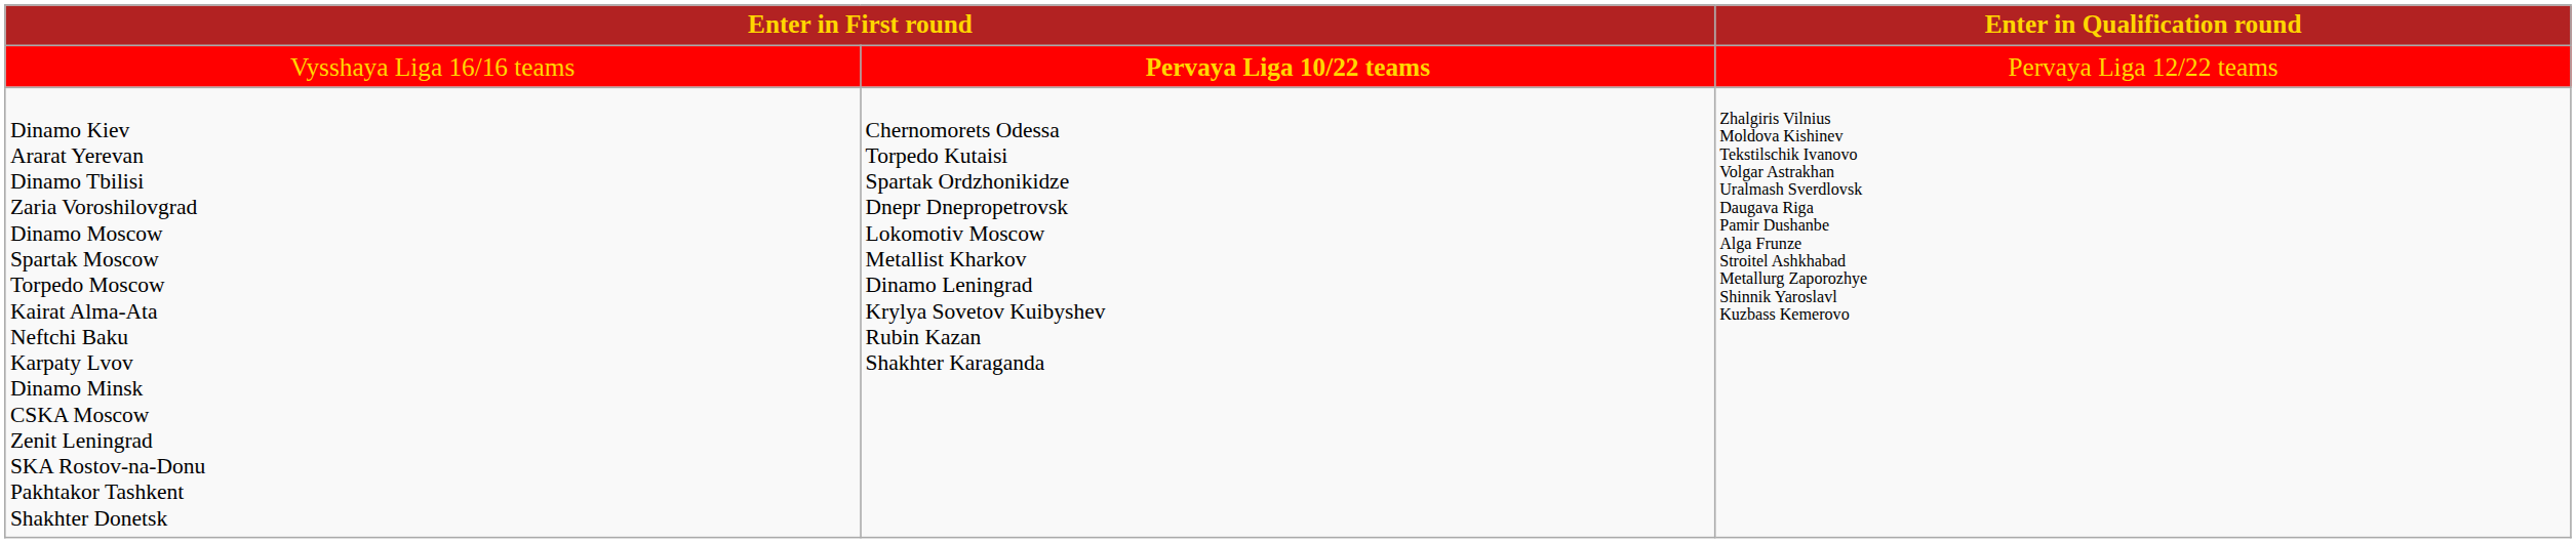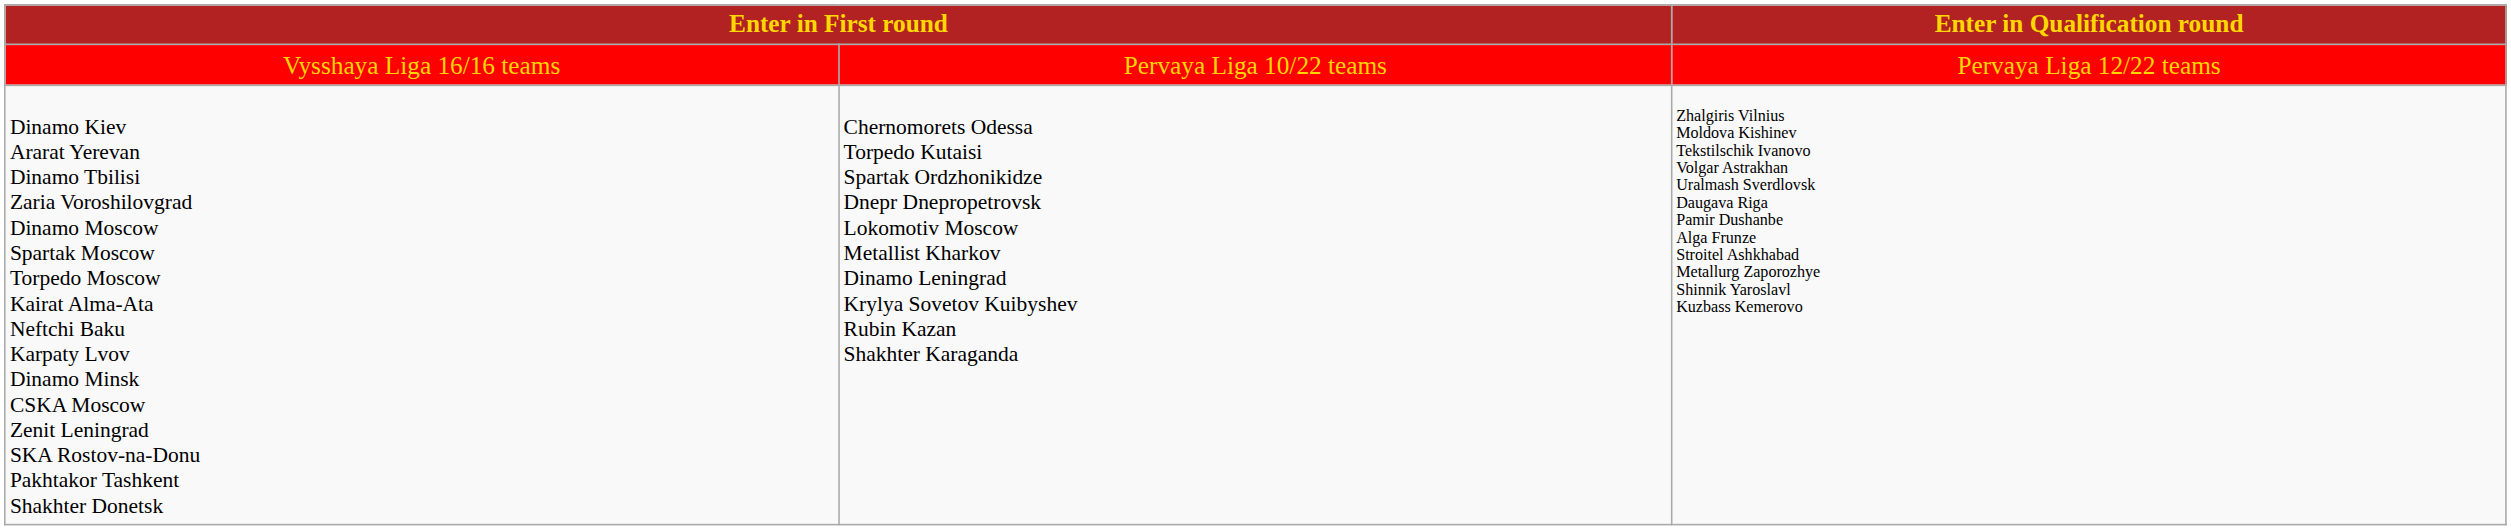 <table class="wikitable" style="width:100%;">
 <tr style="background:Firebrick; text-align:center;">
 <td style="width:67%; color:Gold" colspan="2"><strong>Enter in First round</strong></td>
 <td style="width:33%; color:Gold" colspan="1"><strong>Enter in Qualification round</strong></td>
 </tr>
 <tr style="background:Red;">
 <td style="text-align:center; width:33%; color:Gold" colspan=1>Vysshaya Liga 16/16 teams</td>
-<td style="text-align:center; width:33%; color:Gold" colspan=1><strong>Pervaya Liga 10/22 teams</strong></td>
+<td style="text-align:center; width:33%; color:Gold" colspan=1>Pervaya Liga 10/22 teams</td>
 <td style="text-align:center; width:33%; color:Gold" colspan=1>Pervaya Liga 12/22 teams</td>
 </tr>
 <tr style="vertical-align:top; font-size:85%;">
 <td><br> Dinamo Kiev<br>  Ararat Yerevan<br>  Dinamo Tbilisi<br>  Zaria Voroshilovgrad<br>  Dinamo Moscow<br>  Spartak Moscow<br>  Torpedo Moscow<br>  Kairat Alma-Ata<br>  Neftchi Baku<br>  Karpaty Lvov<br>  Dinamo Minsk<br>  CSKA Moscow<br>  Zenit Leningrad<br>  SKA Rostov-na-Donu<br>  Pakhtakor Tashkent<br>  Shakhter Donetsk<br></td>
 <td><br> Chernomorets Odessa<br>  Torpedo Kutaisi<br>  Spartak Ordzhonikidze<br>  Dnepr Dnepropetrovsk<br>  Lokomotiv Moscow<br>  Metallist Kharkov<br>  Dinamo Leningrad<br>  Krylya Sovetov Kuibyshev<br>  Rubin Kazan<br>  Shakhter Karaganda<br></td>
 <td style="font-size:75%;"><br> Zhalgiris Vilnius<br>  Moldova Kishinev<br>  Tekstilschik Ivanovo<br>  Volgar Astrakhan<br>  Uralmash Sverdlovsk<br>  Daugava Riga<br>  Pamir Dushanbe<br>  Alga Frunze<br>  Stroitel Ashkhabad<br>  Metallurg Zaporozhye<br>  Shinnik Yaroslavl<br>  Kuzbass Kemerovo<br></td>
 </tr>
 </table>
